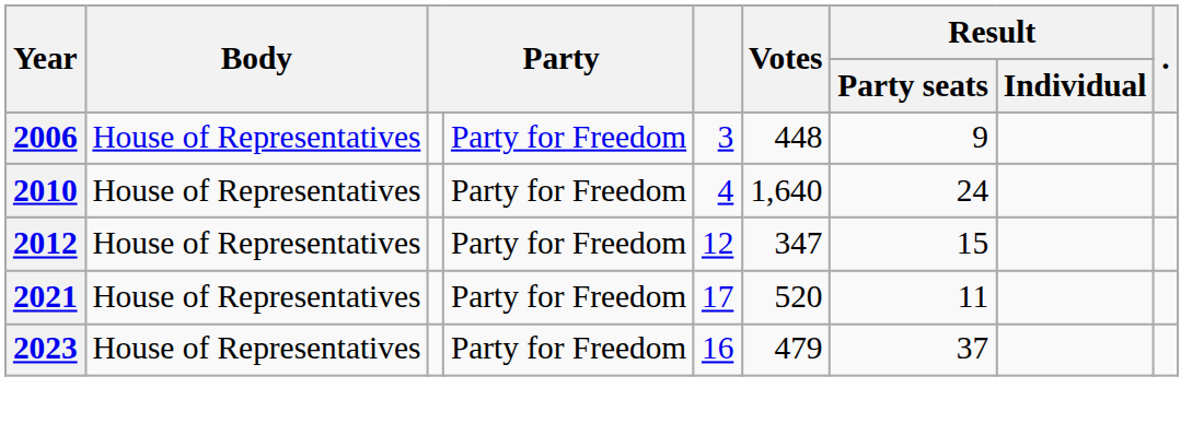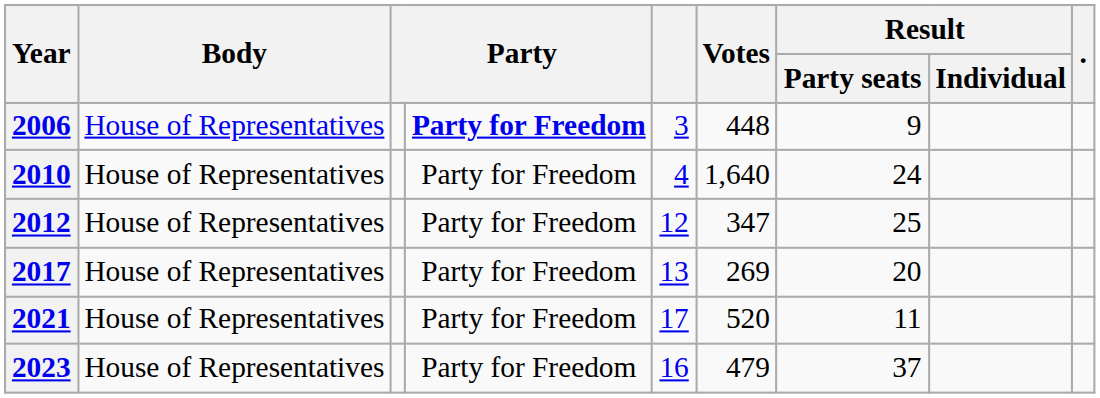 <table class="wikitable plainrowheaders sortable" border=2 cellpadding=4 cellspacing=0 style="border: 1px #aaa solid; font-size: 90%; text-align:center;">
 <tr>
 <th scope="col" rowspan=2>Year</th>
 <th scope="col" rowspan=2>Body</th>
 <th scope="col" colspan=2 rowspan=2>Party</th>
 <th scope="col" rowspan=2></th>
 <th scope="col" rowspan=2>Votes</th>
 <th scope="colgroup" colspan=2>Result</th>
 <th scope="col" rowspan=2 class="unsortable">.</th>
 </tr>
 <tr>
 <th scope="col">Party seats</th>
 <th scope="col">Individual</th>
 </tr>
 <tr>
 <th scope="row"><a href='#'>2006</a></th>
 <td><a href='#'>House of Representatives</a></td>
 <td style="background-color:"></td>
-<td><a href='#'>Party for Freedom</a></td>
+<td><strong><a href='#'>Party for Freedom</a></strong></td>
 <td style=text-align:right><a href='#'>3</a></td>
 <td style=text-align:right>448</td>
 <td style=text-align:right>9</td>
 <td></td>
 <td></td>
 </tr>
 <tr>
 <th scope="row"><a href='#'>2010</a></th>
 <td>House of Representatives</td>
 <td style="background-color:"></td>
 <td>Party for Freedom</td>
 <td style=text-align:right><a href='#'>4</a></td>
 <td style=text-align:right>1,640</td>
 <td style=text-align:right>24</td>
 <td></td>
 <td></td>
 </tr>
 <tr>
 <th scope="row"><a href='#'>2012</a></th>
 <td>House of Representatives</td>
 <td style="background-color:"></td>
 <td>Party for Freedom</td>
 <td style=text-align:right><a href='#'>12</a></td>
 <td style=text-align:right>347</td>
-<td style=text-align:right>15</td>
+<td style=text-align:right>25</td>
+<td></td>
+<td></td>
+</tr>
+<tr>
+<th scope="row"><a href='#'>2017</a></th>
+<td>House of Representatives</td>
+<td style="background-color:"></td>
+<td>Party for Freedom</td>
+<td style=text-align:right><a href='#'>13</a></td>
+<td style=text-align:right>269</td>
+<td style=text-align:right>20</td>
 <td></td>
 <td></td>
 </tr>
 <tr>
 <th scope="row"><a href='#'>2021</a></th>
 <td>House of Representatives</td>
 <td style="background-color:"></td>
 <td>Party for Freedom</td>
 <td style=text-align:right><a href='#'>17</a></td>
 <td style=text-align:right>520</td>
 <td style=text-align:right>11</td>
 <td></td>
 <td></td>
 </tr>
 <tr>
 <th scope="row"><a href='#'>2023</a></th>
 <td>House of Representatives</td>
 <td style="background-color:"></td>
 <td>Party for Freedom</td>
 <td style=text-align:right><a href='#'>16</a></td>
 <td style=text-align:right>479</td>
 <td style=text-align:right>37</td>
 <td></td>
 <td></td>
 </tr>
 </table>
